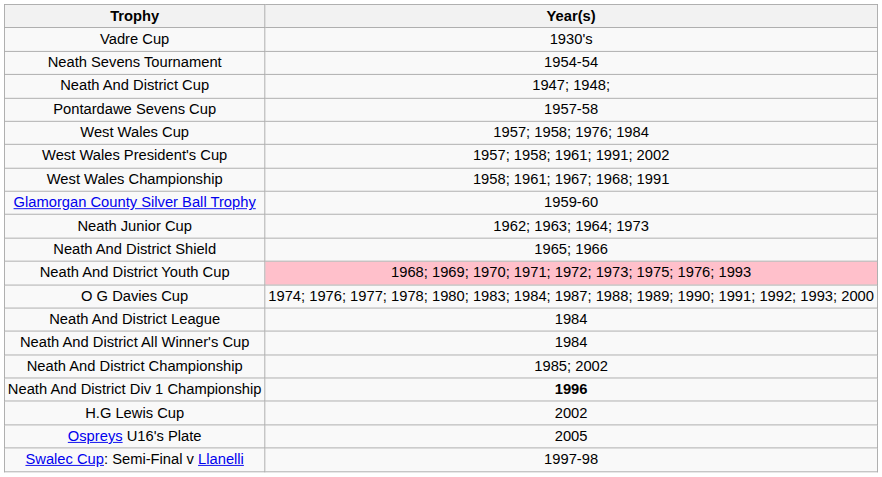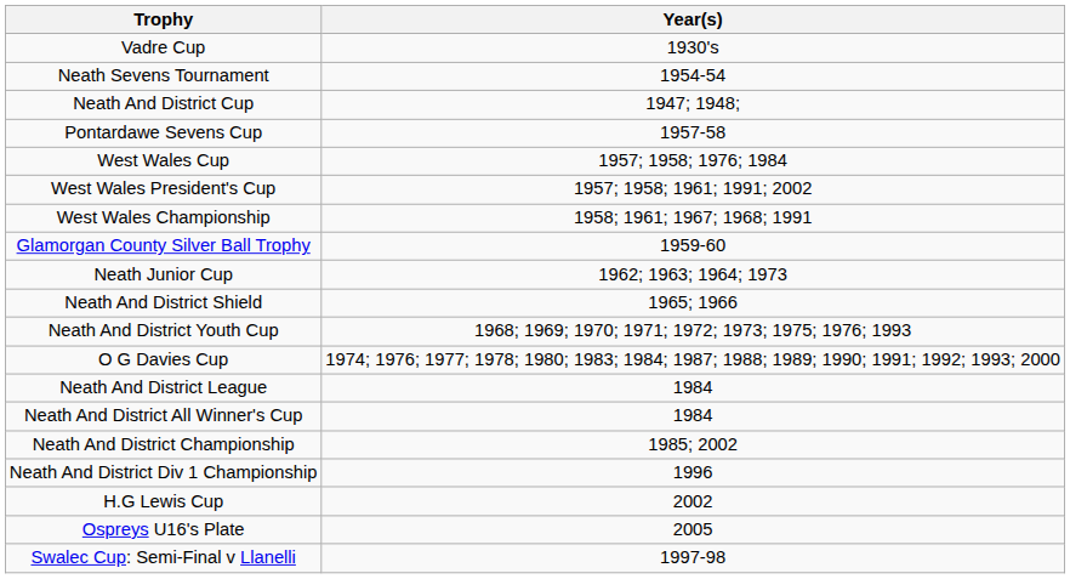 <table class="wikitable">
 <tr>
 <th>Trophy</th>
 <th>Year(s)</th>
 </tr>
 <tr style="text-align:center">
 <td>Vadre Cup</td>
 <td>1930's</td>
 </tr>
 <tr style="text-align:center">
 <td>Neath Sevens Tournament</td>
 <td>1954-54</td>
 </tr>
 <tr style="text-align:center">
 <td>Neath And District Cup</td>
 <td>1947; 1948;</td>
 </tr>
 <tr style="text-align:center">
 <td>Pontardawe Sevens Cup</td>
 <td>1957-58</td>
 </tr>
 <tr style="text-align:center">
 <td>West Wales Cup</td>
 <td>1957; 1958; 1976; 1984</td>
 </tr>
 <tr style="text-align:center">
 <td>West Wales President's Cup</td>
 <td>1957; 1958; 1961; 1991; 2002</td>
 </tr>
 <tr style="text-align:center">
 <td>West Wales Championship</td>
 <td>1958; 1961; 1967; 1968; 1991</td>
 </tr>
 <tr style="text-align:center">
 <td><a href='#'>Glamorgan County Silver Ball Trophy</a></td>
 <td>1959-60</td>
 </tr>
 <tr style="text-align:center">
 <td>Neath Junior Cup</td>
 <td>1962; 1963; 1964; 1973</td>
 </tr>
 <tr style="text-align:center">
 <td>Neath And District Shield</td>
 <td>1965; 1966</td>
 </tr>
 <tr style="text-align:center">
 <td>Neath And District Youth Cup</td>
-<td style="background: pink;">1968; 1969; 1970; 1971; 1972; 1973; 1975; 1976; 1993</td>
+<td>1968; 1969; 1970; 1971; 1972; 1973; 1975; 1976; 1993</td>
 </tr>
 <tr style="text-align:center">
 <td>O G Davies Cup</td>
 <td>1974; 1976; 1977; 1978; 1980; 1983; 1984; 1987; 1988; 1989; 1990; 1991; 1992; 1993; 2000</td>
 </tr>
 <tr style="text-align:center">
 <td>Neath And District League</td>
 <td>1984</td>
 </tr>
 <tr style="text-align:center">
 <td>Neath And District All Winner's Cup</td>
 <td>1984</td>
 </tr>
 <tr style="text-align:center">
 <td>Neath And District Championship</td>
 <td>1985; 2002</td>
 </tr>
 <tr style="text-align:center">
 <td>Neath And District Div 1 Championship</td>
-<td><strong>1996</strong></td>
+<td>1996</td>
 </tr>
 <tr style="text-align:center">
 <td>H.G Lewis Cup</td>
 <td>2002</td>
 </tr>
 <tr style="text-align:center">
 <td><a href='#'>Ospreys</a> U16's Plate</td>
 <td>2005</td>
 </tr>
 <tr style="text-align:center">
 <td><a href='#'>Swalec Cup</a>: Semi-Final v <a href='#'>Llanelli</a></td>
 <td>1997-98</td>
 </tr>
 </table>
